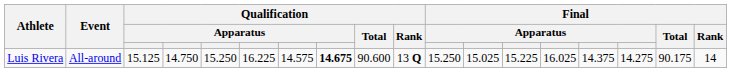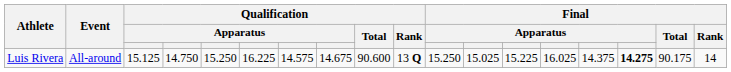 <table class="wikitable" style="font-size:90%">
 <tr>
 <th rowspan=3>Athlete</th>
 <th rowspan=3>Event</th>
 <th colspan =8>Qualification</th>
 <th colspan =8>Final</th>
 </tr>
 <tr style="font-size:95%">
 <th colspan=6>Apparatus</th>
 <th rowspan=2>Total</th>
 <th rowspan=2>Rank</th>
 <th colspan=6>Apparatus</th>
 <th rowspan=2>Total</th>
 <th rowspan=2>Rank</th>
 </tr>
 <tr style="font-size:95%">
 <th></th>
 <th></th>
 <th></th>
 <th></th>
 <th></th>
 <th></th>
 <th></th>
 <th></th>
 <th></th>
 <th></th>
 <th></th>
 <th></th>
 </tr>
 <tr align=center>
 <td align=left><a href='#'>Luis Rivera</a></td>
 <td align=left><a href='#'>All-around</a></td>
 <td>15.125</td>
 <td>14.750</td>
 <td>15.250</td>
 <td>16.225</td>
 <td>14.575</td>
-<td><strong>14.675</strong></td>
+<td>14.675</td>
 <td>90.600</td>
 <td>13 <strong>Q</strong></td>
 <td>15.250</td>
 <td>15.025</td>
 <td>15.225</td>
 <td>16.025</td>
 <td>14.375</td>
-<td>14.275</td>
+<td><strong>14.275</strong></td>
 <td>90.175</td>
 <td>14</td>
 </tr>
 </table>
